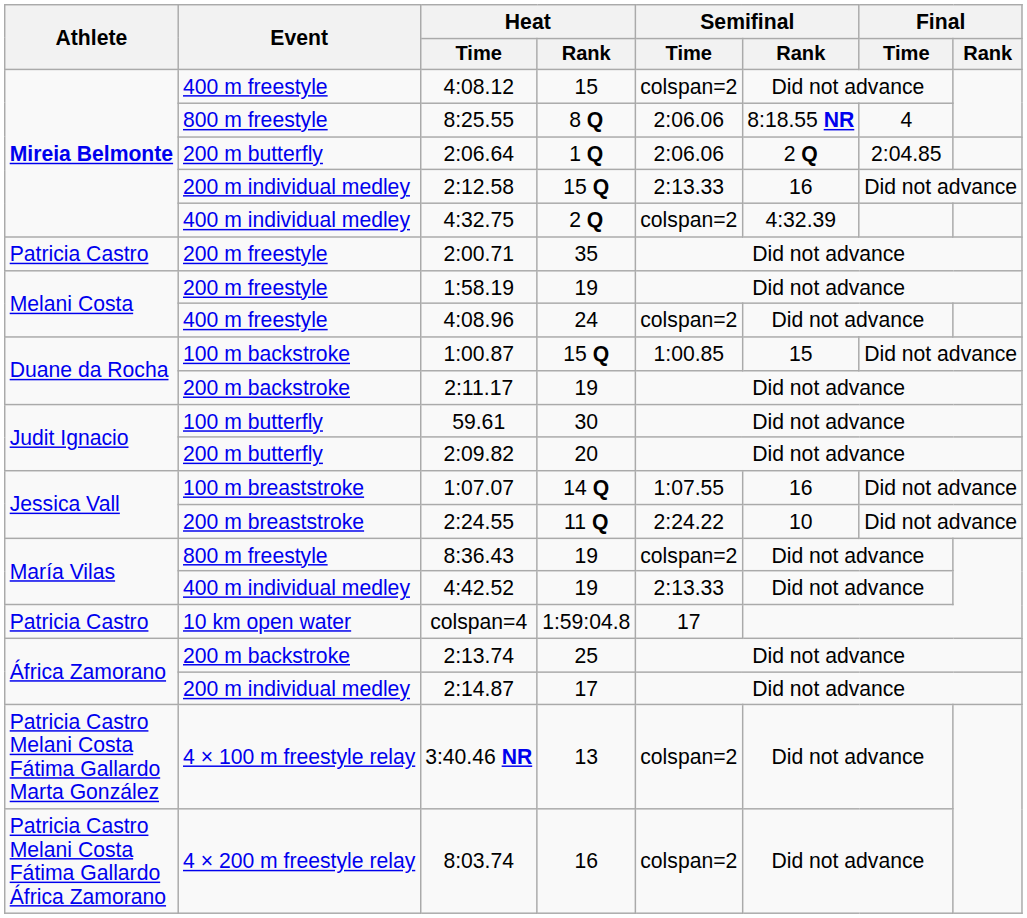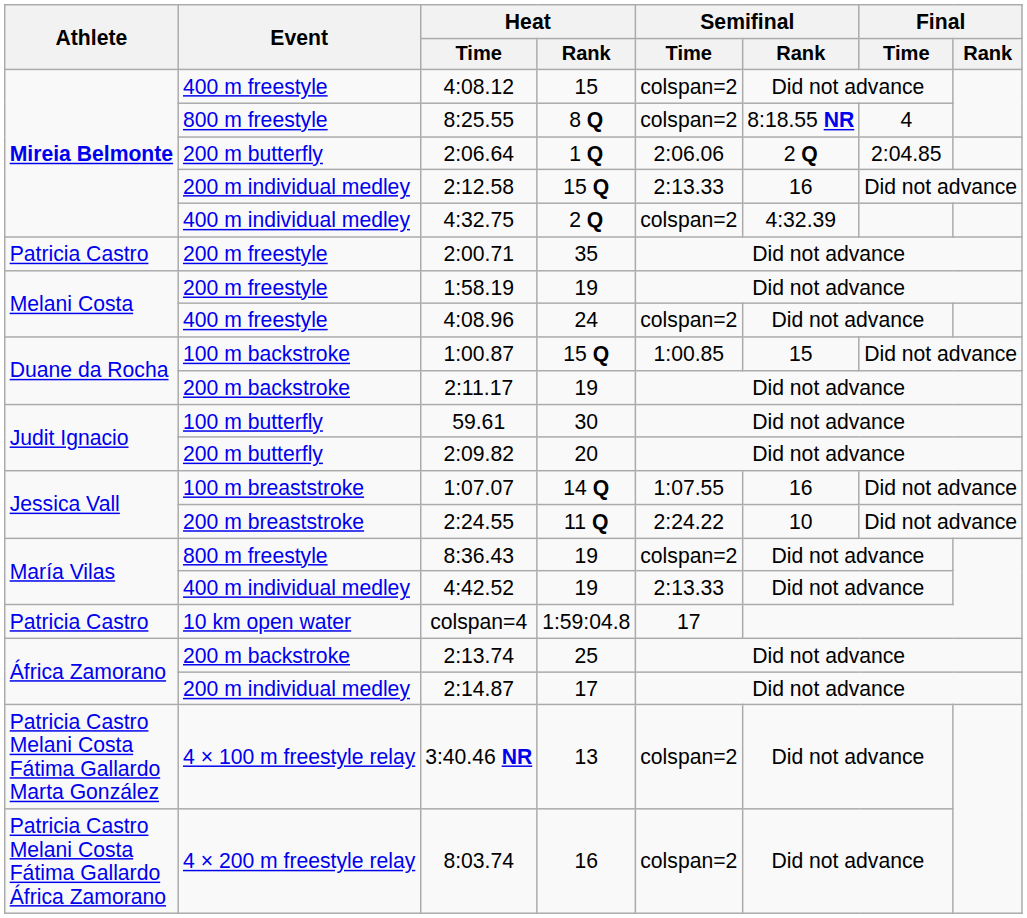 <table class=wikitable style="font-size:90%">
 <tr>
 <th rowspan="2">Athlete</th>
 <th rowspan="2">Event</th>
 <th colspan="2">Heat</th>
 <th colspan="2">Semifinal</th>
 <th colspan="2">Final</th>
 </tr>
 <tr style="font-size:95%">
 <th>Time</th>
 <th>Rank</th>
 <th>Time</th>
 <th>Rank</th>
 <th>Time</th>
 <th>Rank</th>
 </tr>
 <tr align=center>
 <td style="text-align:left;" rowspan="5"><strong><a href='#'>Mireia Belmonte</a></strong></td>
 <td align=left><a href='#'>400 m freestyle</a></td>
 <td>4:08.12</td>
 <td>15</td>
 <td>colspan=2 </td>
 <td colspan=2>Did not advance</td>
 </tr>
 <tr align=center>
 <td align=left><a href='#'>800 m freestyle</a></td>
 <td>8:25.55</td>
 <td>8 <strong>Q</strong></td>
-<td>2:06.06</td>
+<td>colspan=2 </td>
 <td>8:18.55 <strong><a href='#'>NR</a></strong></td>
 <td>4</td>
 </tr>
 <tr align=center>
 <td align=left><a href='#'>200 m butterfly</a></td>
 <td>2:06.64</td>
 <td>1 <strong>Q</strong></td>
 <td>2:06.06</td>
 <td>2 <strong>Q</strong></td>
 <td>2:04.85</td>
 <td></td>
 </tr>
 <tr align=center>
 <td align=left><a href='#'>200 m individual medley</a></td>
 <td>2:12.58</td>
 <td>15 <strong>Q</strong></td>
 <td>2:13.33</td>
 <td>16</td>
 <td colspan=2>Did not advance</td>
 </tr>
 <tr align=center>
 <td align=left><a href='#'>400 m individual medley</a></td>
 <td>4:32.75</td>
 <td>2 <strong>Q</strong></td>
 <td>colspan=2 </td>
 <td>4:32.39</td>
 <td></td>
 </tr>
 <tr align=center>
 <td align=left><a href='#'>Patricia Castro</a></td>
 <td align=left><a href='#'>200 m freestyle</a></td>
 <td>2:00.71</td>
 <td>35</td>
 <td colspan=4>Did not advance</td>
 </tr>
 <tr align=center>
 <td style="text-align:left;" rowspan="2"><a href='#'>Melani Costa</a></td>
 <td align=left><a href='#'>200 m freestyle</a></td>
 <td>1:58.19</td>
 <td>19</td>
 <td colspan=4>Did not advance</td>
 </tr>
 <tr align=center>
 <td align=left><a href='#'>400 m freestyle</a></td>
 <td>4:08.96</td>
 <td>24</td>
 <td>colspan=2 </td>
 <td colspan=2>Did not advance</td>
 </tr>
 <tr align=center>
 <td style="text-align:left;" rowspan="2"><a href='#'>Duane da Rocha</a></td>
 <td align=left><a href='#'>100 m backstroke</a></td>
 <td>1:00.87</td>
 <td>15 <strong>Q</strong></td>
 <td>1:00.85</td>
 <td>15</td>
 <td colspan=2>Did not advance</td>
 </tr>
 <tr align=center>
 <td align=left><a href='#'>200 m backstroke</a></td>
 <td>2:11.17</td>
 <td>19</td>
 <td colspan=4>Did not advance</td>
 </tr>
 <tr align=center>
 <td style="text-align:left;" rowspan="2"><a href='#'>Judit Ignacio</a></td>
 <td align=left><a href='#'>100 m butterfly</a></td>
 <td>59.61</td>
 <td>30</td>
 <td colspan=4>Did not advance</td>
 </tr>
 <tr align=center>
 <td align=left><a href='#'>200 m butterfly</a></td>
 <td>2:09.82</td>
 <td>20</td>
 <td colspan=4>Did not advance</td>
 </tr>
 <tr align=center>
 <td style="text-align:left;" rowspan="2"><a href='#'>Jessica Vall</a></td>
 <td align=left><a href='#'>100 m breaststroke</a></td>
 <td>1:07.07</td>
 <td>14 <strong>Q</strong></td>
 <td>1:07.55</td>
 <td>16</td>
 <td colspan=2>Did not advance</td>
 </tr>
 <tr align=center>
 <td align=left><a href='#'>200 m breaststroke</a></td>
 <td>2:24.55</td>
 <td>11 <strong>Q</strong></td>
 <td>2:24.22</td>
 <td>10</td>
 <td colspan=2>Did not advance</td>
 </tr>
 <tr align=center>
 <td style="text-align:left;" rowspan="2"><a href='#'>María Vilas</a></td>
 <td align=left><a href='#'>800 m freestyle</a></td>
 <td>8:36.43</td>
 <td>19</td>
 <td>colspan=2 </td>
 <td colspan=2>Did not advance</td>
 </tr>
 <tr align=center>
 <td align=left><a href='#'>400 m individual medley</a></td>
 <td>4:42.52</td>
 <td>19</td>
 <td>2:13.33</td>
 <td colspan=2>Did not advance</td>
 </tr>
 <tr align=center>
 <td align=left><a href='#'>Patricia Castro</a></td>
 <td align=left><a href='#'>10 km open water</a></td>
 <td>colspan=4 </td>
 <td>1:59:04.8</td>
 <td>17</td>
 </tr>
 <tr align=center>
 <td style="text-align:left;" rowspan="2"><a href='#'>África Zamorano</a></td>
 <td align=left><a href='#'>200 m backstroke</a></td>
 <td>2:13.74</td>
 <td>25</td>
 <td colspan=4>Did not advance</td>
 </tr>
 <tr align=center>
 <td align=left><a href='#'>200 m individual medley</a></td>
 <td>2:14.87</td>
 <td>17</td>
 <td colspan=4>Did not advance</td>
 </tr>
 <tr align=center>
 <td align=left><a href='#'>Patricia Castro</a><br><a href='#'>Melani Costa</a><br><a href='#'>Fátima Gallardo</a><br><a href='#'>Marta González</a></td>
 <td align=left><a href='#'>4 × 100 m freestyle relay</a></td>
 <td>3:40.46 <strong><a href='#'>NR</a></strong></td>
 <td>13</td>
 <td>colspan=2 </td>
 <td colspan=2>Did not advance</td>
 </tr>
 <tr align=center>
 <td align=left><a href='#'>Patricia Castro</a><br><a href='#'>Melani Costa</a><br><a href='#'>Fátima Gallardo</a><br><a href='#'>África Zamorano</a></td>
 <td align=left><a href='#'>4 × 200 m freestyle relay</a></td>
 <td>8:03.74</td>
 <td>16</td>
 <td>colspan=2 </td>
 <td colspan=2>Did not advance</td>
 </tr>
 </table>
